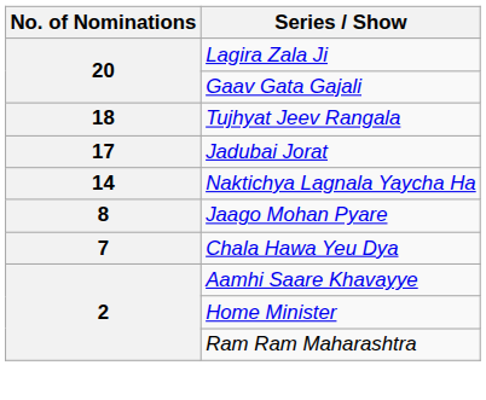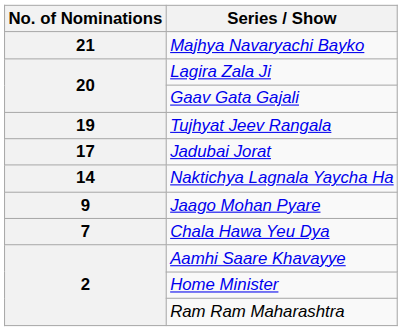 <table class="wikitable" style="display:inline-table;">
 <tr>
 <th>No. of Nominations</th>
 <th>Series / Show</th>
+</tr>
+<tr>
+<th>21</th>
+<td><em><a href='#'>Majhya Navaryachi Bayko</a></em></td>
 </tr>
 <tr>
 <th rowspan="2">20</th>
 <td><em><a href='#'>Lagira Zala Ji</a></em></td>
 </tr>
 <tr>
 <td><em><a href='#'>Gaav Gata Gajali</a></em></td>
 </tr>
 <tr>
-<th>18</th>
+<th>19</th>
 <td><em><a href='#'>Tujhyat Jeev Rangala</a></em></td>
 </tr>
 <tr>
 <th>17</th>
 <td><em><a href='#'>Jadubai Jorat</a></em></td>
 </tr>
 <tr>
 <th>14</th>
 <td><em><a href='#'>Naktichya Lagnala Yaycha Ha</a></em></td>
 </tr>
 <tr>
-<th>8</th>
+<th>9</th>
 <td><em><a href='#'>Jaago Mohan Pyare</a></em></td>
 </tr>
 <tr>
 <th>7</th>
 <td><em><a href='#'>Chala Hawa Yeu Dya</a></em></td>
 </tr>
 <tr>
 <th rowspan="3">2</th>
 <td><em><a href='#'>Aamhi Saare Khavayye</a></em></td>
 </tr>
 <tr>
 <td><em><a href='#'>Home Minister</a></em></td>
 </tr>
 <tr>
 <td><em>Ram Ram Maharashtra</em></td>
 </tr>
 </table>
